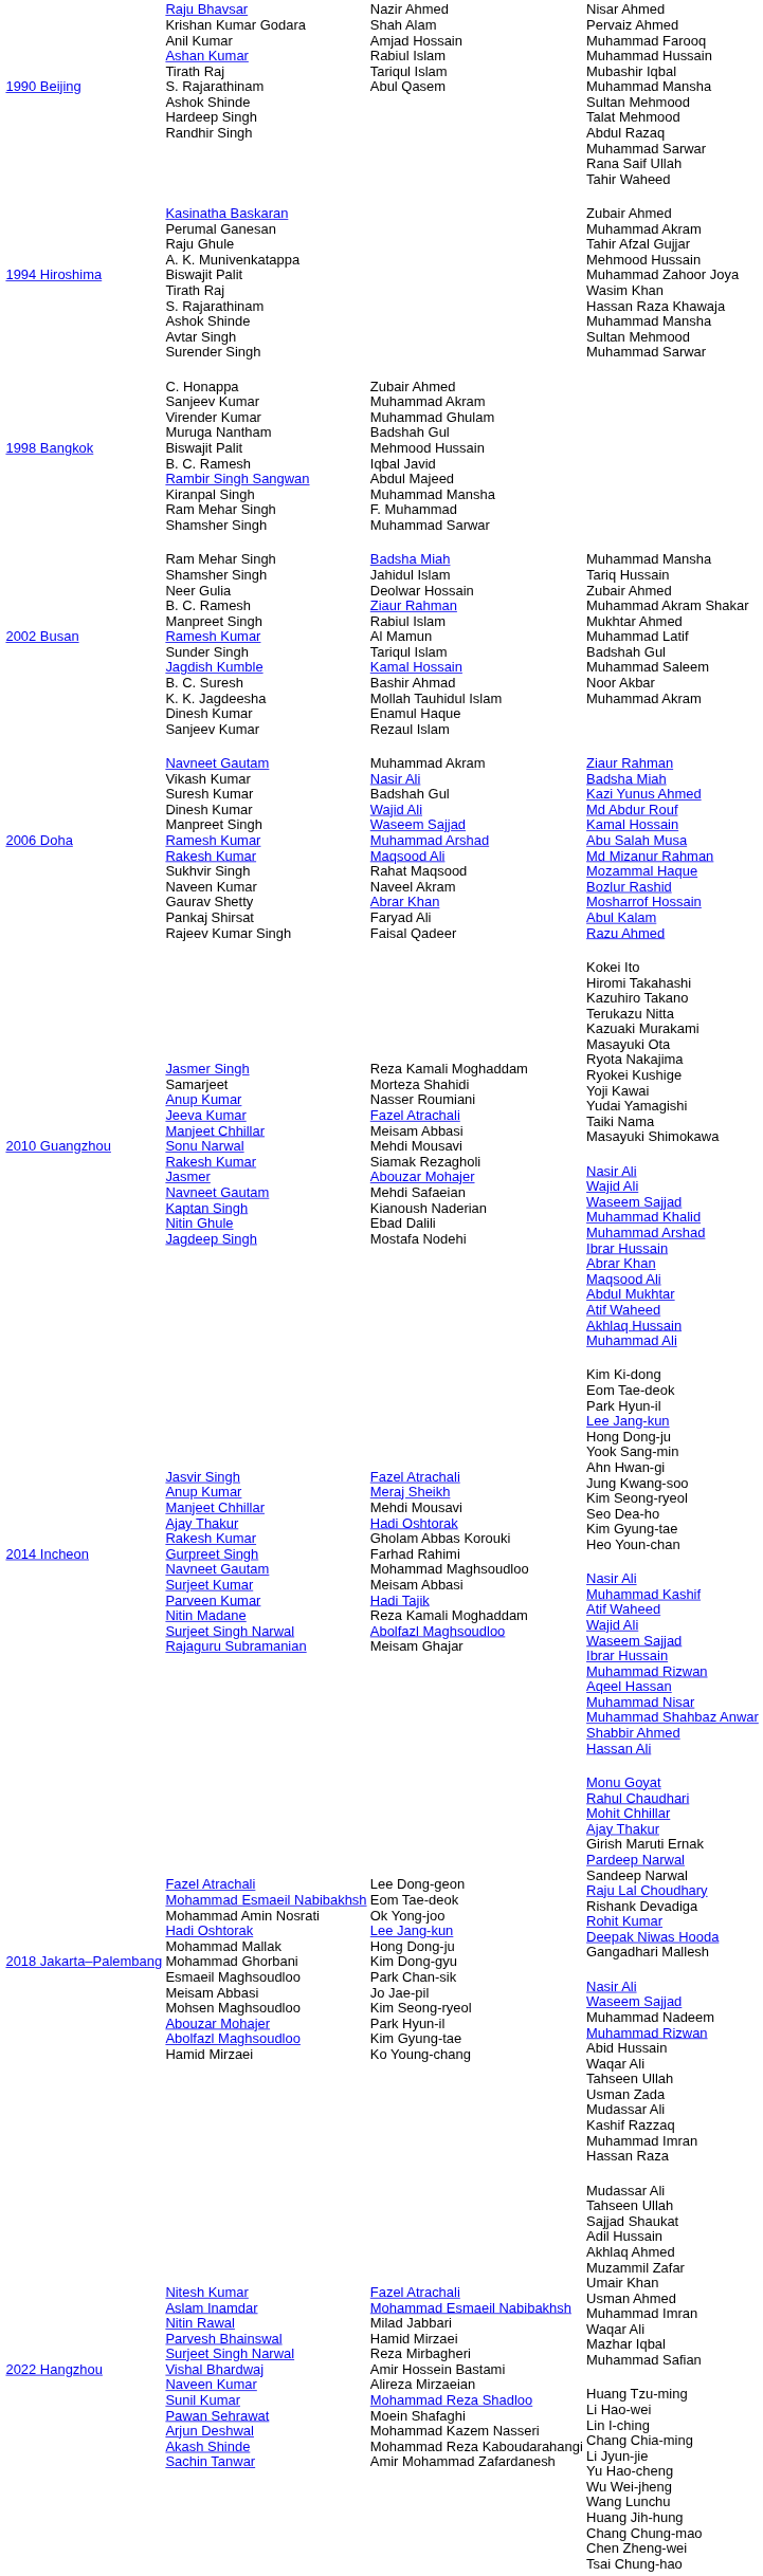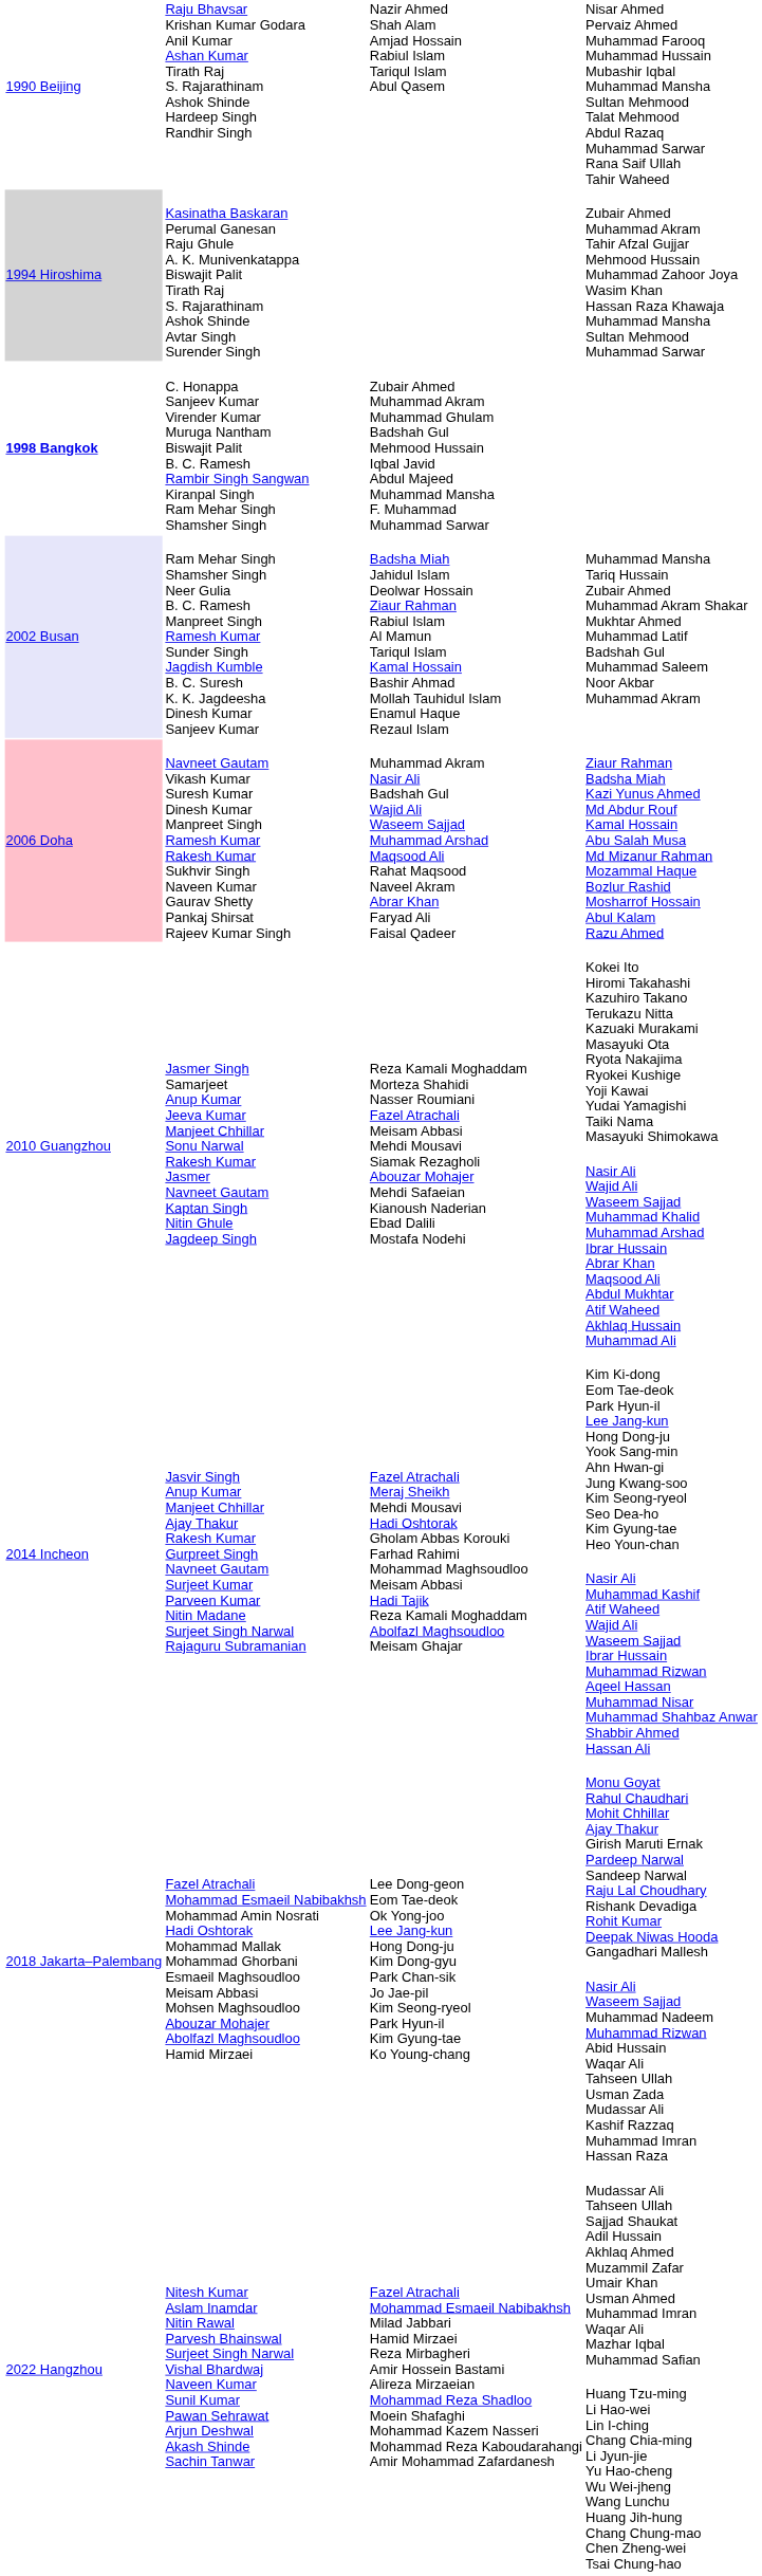 <table>
 <tr>
 <td><a href='#'>1990 Beijing</a></td>
 <td valign=top><br><a href='#'>Raju Bhavsar</a><br>Krishan Kumar Godara<br>Anil Kumar<br><a href='#'>Ashan Kumar</a><br>Tirath Raj<br>S. Rajarathinam<br>Ashok Shinde<br>Hardeep Singh<br>Randhir Singh</td>
 <td valign=top><br>Nazir Ahmed<br>Shah Alam<br>Amjad Hossain<br>Rabiul Islam<br>Tariqul Islam<br>Abul Qasem<br></td>
 <td><br>Nisar Ahmed<br>Pervaiz Ahmed<br>Muhammad Farooq<br>Muhammad Hussain<br>Mubashir Iqbal<br>Muhammad Mansha<br>Sultan Mehmood<br>Talat Mehmood<br>Abdul Razaq<br>Muhammad Sarwar<br>Rana Saif Ullah<br>Tahir Waheed</td>
 </tr>
 <tr>
-<td><a href='#'>1994 Hiroshima</a></td>
+<td style="background: lightgrey;"><a href='#'>1994 Hiroshima</a></td>
 <td><br><a href='#'>Kasinatha Baskaran</a><br>Perumal Ganesan<br>Raju Ghule<br>A. K. Munivenkatappa<br>Biswajit Palit<br>Tirath Raj<br>S. Rajarathinam<br>Ashok Shinde<br>Avtar Singh<br>Surender Singh</td>
 <td valign=top></td>
 <td><br>Zubair Ahmed<br>Muhammad Akram<br>Tahir Afzal Gujjar<br>Mehmood Hussain<br>Muhammad Zahoor Joya<br>Wasim Khan<br>Hassan Raza Khawaja<br>Muhammad Mansha<br>Sultan Mehmood<br>Muhammad Sarwar</td>
 </tr>
 <tr>
-<td><a href='#'>1998 Bangkok</a></td>
+<td><strong><a href='#'>1998 Bangkok</a></strong></td>
 <td><br>C. Honappa<br>Sanjeev Kumar<br>Virender Kumar<br>Muruga Nantham<br>Biswajit Palit<br>B. C. Ramesh<br><a href='#'>Rambir Singh Sangwan</a><br>Kiranpal Singh<br>Ram Mehar Singh<br>Shamsher Singh</td>
 <td><br>Zubair Ahmed<br>Muhammad Akram<br>Muhammad Ghulam<br>Badshah Gul<br>Mehmood Hussain<br>Iqbal Javid<br>Abdul Majeed<br>Muhammad Mansha<br>F. Muhammad<br>Muhammad Sarwar</td>
 <td valign=top></td>
 </tr>
 <tr>
-<td><a href='#'>2002 Busan</a></td>
+<td style="background: lavender;"><a href='#'>2002 Busan</a></td>
 <td><br>Ram Mehar Singh<br>Shamsher Singh<br>Neer Gulia<br>B. C. Ramesh<br>Manpreet Singh<br><a href='#'>Ramesh Kumar</a><br>Sunder Singh<br><a href='#'>Jagdish Kumble</a><br>B. C. Suresh<br>K. K. Jagdeesha<br>Dinesh Kumar<br>Sanjeev Kumar</td>
 <td><br><a href='#'>Badsha Miah</a><br>Jahidul Islam<br>Deolwar Hossain<br><a href='#'>Ziaur Rahman</a><br>Rabiul Islam<br>Al Mamun<br>Tariqul Islam<br><a href='#'>Kamal Hossain</a><br>Bashir Ahmad<br>Mollah Tauhidul Islam<br>Enamul Haque<br>Rezaul Islam</td>
 <td valign=top><br>Muhammad Mansha<br>Tariq Hussain<br>Zubair Ahmed<br>Muhammad Akram Shakar<br>Mukhtar Ahmed<br>Muhammad Latif<br>Badshah Gul<br>Muhammad Saleem<br>Noor Akbar<br>Muhammad Akram</td>
 </tr>
 <tr>
-<td><a href='#'>2006 Doha</a></td>
+<td style="background: pink;"><a href='#'>2006 Doha</a></td>
 <td><br><a href='#'>Navneet Gautam</a><br>Vikash Kumar<br>Suresh Kumar<br>Dinesh Kumar<br>Manpreet Singh<br><a href='#'>Ramesh Kumar</a><br><a href='#'>Rakesh Kumar</a><br>Sukhvir Singh<br>Naveen Kumar<br>Gaurav Shetty<br>Pankaj Shirsat<br>Rajeev Kumar Singh</td>
 <td><br>Muhammad Akram<br><a href='#'>Nasir Ali</a><br>Badshah Gul<br><a href='#'>Wajid Ali</a><br><a href='#'>Waseem Sajjad</a><br><a href='#'>Muhammad Arshad</a><br><a href='#'>Maqsood Ali</a><br>Rahat Maqsood<br>Naveel Akram<br><a href='#'>Abrar Khan</a><br>Faryad Ali<br>Faisal Qadeer</td>
 <td><br><a href='#'>Ziaur Rahman</a><br><a href='#'>Badsha Miah</a><br><a href='#'>Kazi Yunus Ahmed</a><br><a href='#'>Md Abdur Rouf</a><br><a href='#'>Kamal Hossain</a><br><a href='#'>Abu Salah Musa</a><br><a href='#'>Md Mizanur Rahman</a><br><a href='#'>Mozammal Haque</a><br><a href='#'>Bozlur Rashid</a><br><a href='#'>Mosharrof Hossain</a><br><a href='#'>Abul Kalam</a><br><a href='#'>Razu Ahmed</a></td>
 </tr>
 <tr>
 <td rowspan=2><a href='#'>2010 Guangzhou</a></td>
 <td rowspan=2><br><a href='#'>Jasmer Singh</a><br>Samarjeet<br><a href='#'>Anup Kumar</a><br><a href='#'>Jeeva Kumar</a><br><a href='#'>Manjeet Chhillar</a><br><a href='#'>Sonu Narwal</a><br><a href='#'>Rakesh Kumar</a><br><a href='#'>Jasmer</a><br><a href='#'>Navneet Gautam</a><br><a href='#'>Kaptan Singh</a><br><a href='#'>Nitin Ghule</a><br><a href='#'>Jagdeep Singh</a></td>
 <td rowspan=2><br>Reza Kamali Moghaddam<br>Morteza Shahidi<br>Nasser Roumiani<br><a href='#'>Fazel Atrachali</a><br>Meisam Abbasi<br>Mehdi Mousavi<br>Siamak Rezagholi<br><a href='#'>Abouzar Mohajer</a><br>Mehdi Safaeian<br>Kianoush Naderian<br>Ebad Dalili<br>Mostafa Nodehi</td>
 <td><br>Kokei Ito<br>Hiromi Takahashi<br>Kazuhiro Takano<br>Terukazu Nitta<br>Kazuaki Murakami<br>Masayuki Ota<br>Ryota Nakajima<br>Ryokei Kushige<br>Yoji Kawai<br>Yudai Yamagishi<br>Taiki Nama<br>Masayuki Shimokawa</td>
 </tr>
 <tr>
 <td><br><a href='#'>Nasir Ali</a><br><a href='#'>Wajid Ali</a><br><a href='#'>Waseem Sajjad</a><br><a href='#'>Muhammad Khalid</a><br><a href='#'>Muhammad Arshad</a><br><a href='#'>Ibrar Hussain</a><br><a href='#'>Abrar Khan</a><br><a href='#'>Maqsood Ali</a><br><a href='#'>Abdul Mukhtar</a><br><a href='#'>Atif Waheed</a><br><a href='#'>Akhlaq Hussain</a><br><a href='#'>Muhammad Ali</a></td>
 </tr>
 <tr>
 <td rowspan=2><a href='#'>2014 Incheon</a></td>
 <td rowspan=2><br><a href='#'>Jasvir Singh</a><br><a href='#'>Anup Kumar</a><br><a href='#'>Manjeet Chhillar</a><br><a href='#'>Ajay Thakur</a><br><a href='#'>Rakesh Kumar</a><br><a href='#'>Gurpreet Singh</a><br><a href='#'>Navneet Gautam</a><br><a href='#'>Surjeet Kumar</a><br><a href='#'>Parveen Kumar</a><br><a href='#'>Nitin Madane</a><br><a href='#'>Surjeet Singh Narwal</a><br><a href='#'>Rajaguru Subramanian</a></td>
 <td rowspan=2><br><a href='#'>Fazel Atrachali</a><br><a href='#'>Meraj Sheikh</a><br>Mehdi Mousavi<br><a href='#'>Hadi Oshtorak</a><br>Gholam Abbas Korouki<br>Farhad Rahimi<br>Mohammad Maghsoudloo<br>Meisam Abbasi<br><a href='#'>Hadi Tajik</a><br>Reza Kamali Moghaddam<br><a href='#'>Abolfazl Maghsoudloo</a><br>Meisam Ghajar</td>
 <td><br>Kim Ki-dong<br>Eom Tae-deok<br>Park Hyun-il<br><a href='#'>Lee Jang-kun</a><br>Hong Dong-ju<br>Yook Sang-min<br>Ahn Hwan-gi<br>Jung Kwang-soo<br>Kim Seong-ryeol<br>Seo Dea-ho<br>Kim Gyung-tae<br>Heo Youn-chan</td>
 </tr>
 <tr>
 <td><br><a href='#'>Nasir Ali</a><br><a href='#'>Muhammad Kashif</a><br><a href='#'>Atif Waheed</a><br><a href='#'>Wajid Ali</a><br><a href='#'>Waseem Sajjad</a><br><a href='#'>Ibrar Hussain</a><br><a href='#'>Muhammad Rizwan</a><br><a href='#'>Aqeel Hassan</a><br><a href='#'>Muhammad Nisar</a><br><a href='#'>Muhammad Shahbaz Anwar</a><br><a href='#'>Shabbir Ahmed</a><br><a href='#'>Hassan Ali</a></td>
 </tr>
 <tr>
 <td rowspan=2><a href='#'>2018 Jakarta–Palembang</a></td>
 <td rowspan=2><br><a href='#'>Fazel Atrachali</a><br><a href='#'>Mohammad Esmaeil Nabibakhsh</a><br>Mohammad Amin Nosrati<br><a href='#'>Hadi Oshtorak</a><br>Mohammad Mallak<br>Mohammad Ghorbani<br>Esmaeil Maghsoudloo<br>Meisam Abbasi<br>Mohsen Maghsoudloo<br><a href='#'>Abouzar Mohajer</a><br><a href='#'>Abolfazl Maghsoudloo</a><br>Hamid Mirzaei</td>
 <td rowspan=2><br>Lee Dong-geon<br>Eom Tae-deok<br>Ok Yong-joo<br><a href='#'>Lee Jang-kun</a><br>Hong Dong-ju<br>Kim Dong-gyu<br>Park Chan-sik<br>Jo Jae-pil<br>Kim Seong-ryeol<br>Park Hyun-il<br>Kim Gyung-tae<br>Ko Young-chang</td>
 <td><br><a href='#'>Monu Goyat</a><br><a href='#'>Rahul Chaudhari</a><br><a href='#'>Mohit Chhillar</a><br><a href='#'>Ajay Thakur</a><br>Girish Maruti Ernak<br><a href='#'>Pardeep Narwal</a><br>Sandeep Narwal<br><a href='#'>Raju Lal Choudhary</a><br>Rishank Devadiga<br><a href='#'>Rohit Kumar</a><br><a href='#'>Deepak Niwas Hooda</a><br>Gangadhari Mallesh</td>
 </tr>
 <tr>
 <td><br><a href='#'>Nasir Ali</a><br><a href='#'>Waseem Sajjad</a><br>Muhammad Nadeem<br><a href='#'>Muhammad Rizwan</a><br>Abid Hussain<br>Waqar Ali<br>Tahseen Ullah<br>Usman Zada<br>Mudassar Ali<br>Kashif Razzaq<br>Muhammad Imran<br>Hassan Raza</td>
 </tr>
 <tr>
 <td rowspan=2><a href='#'>2022 Hangzhou</a></td>
 <td rowspan=2><br><a href='#'>Nitesh Kumar</a><br><a href='#'>Aslam Inamdar</a><br><a href='#'>Nitin Rawal</a><br><a href='#'>Parvesh Bhainswal</a><br><a href='#'>Surjeet Singh Narwal</a><br><a href='#'>Vishal Bhardwaj</a><br><a href='#'>Naveen Kumar</a><br><a href='#'>Sunil Kumar</a><br><a href='#'>Pawan Sehrawat</a><br><a href='#'>Arjun Deshwal</a><br><a href='#'>Akash Shinde</a><br><a href='#'>Sachin Tanwar</a></td>
 <td rowspan=2><br><a href='#'>Fazel Atrachali</a><br><a href='#'>Mohammad Esmaeil Nabibakhsh</a><br>Milad Jabbari<br>Hamid Mirzaei<br>Reza Mirbagheri<br>Amir Hossein Bastami<br>Alireza Mirzaeian<br><a href='#'>Mohammad Reza Shadloo</a><br>Moein Shafaghi<br>Mohammad Kazem Nasseri<br>Mohammad Reza Kaboudarahangi<br>Amir Mohammad Zafardanesh</td>
 <td><br>Mudassar Ali<br>Tahseen Ullah<br>Sajjad Shaukat<br>Adil Hussain<br>Akhlaq Ahmed<br>Muzammil Zafar<br>Umair Khan<br>Usman Ahmed<br>Muhammad Imran<br>Waqar Ali<br>Mazhar Iqbal<br>Muhammad Safian</td>
 </tr>
 <tr>
 <td><br>Huang Tzu-ming<br>Li Hao-wei<br>Lin I-ching<br>Chang Chia-ming<br>Li Jyun-jie<br>Yu Hao-cheng<br>Wu Wei-jheng<br>Wang Lunchu<br>Huang Jih-hung<br>Chang Chung-mao<br>Chen Zheng-wei<br>Tsai Chung-hao</td>
 </tr>
 </table>
